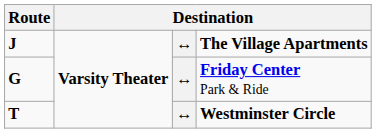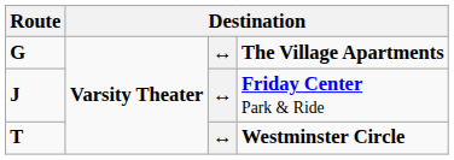 <table class="wikitable">
 <tr>
 <th>Route</th>
 <th colspan="3">Destination</th>
 </tr>
 <tr>
-<td><strong>J</strong></td>
+<td><strong>G</strong></td>
 <td rowspan="3"><strong>Varsity Theater</strong></td>
 <th><strong>↔</strong></th>
 <td><strong>The Village Apartments</strong></td>
 </tr>
 <tr>
-<td><strong>G</strong></td>
+<td><strong>J</strong></td>
 <th><strong>↔</strong></th>
 <td><strong><a href='#'>Friday Center</a></strong><br><small>Park & Ride</small></td>
 </tr>
 <tr>
 <td><strong>T</strong></td>
 <th><strong>↔</strong></th>
 <td><strong>Westminster Circle</strong></td>
 </tr>
 </table>
